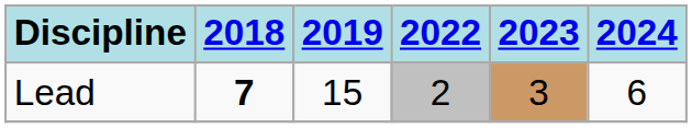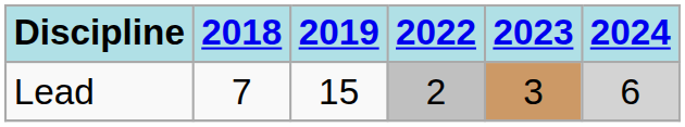 <table class="wikitable" style="text-align: center">
 <tr>
 <th style="background: #b0e0e6">Discipline</th>
 <th style="background: #b0e0e6"><a href='#'>2018</a></th>
 <th style="background: #b0e0e6"><a href='#'>2019</a></th>
 <th style="background: #b0e0e6"><a href='#'>2022</a></th>
 <th style="background: #b0e0e6"><a href='#'>2023</a></th>
 <th style="background: #b0e0e6"><a href='#'>2024</a></th>
 </tr>
 <tr>
 <td align="left">Lead</td>
-<td><strong>7</strong></td>
+<td>7</td>
 <td>15</td>
 <td style="background: Silver">2</td>
 <td style="background: #cc9966">3</td>
-<td>6</td>
+<td style="background: lightgrey;">6</td>
 </tr>
 <tr>
 </tr>
 </table>
